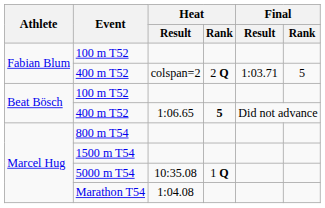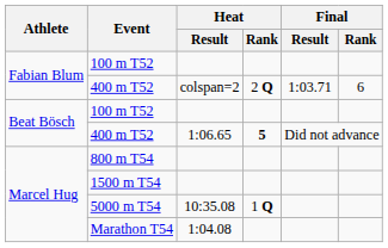 <table class="wikitable" style="font-size:90%">
 <tr>
 <th rowspan="2">Athlete</th>
 <th rowspan="2">Event</th>
 <th colspan="2">Heat</th>
 <th colspan="2">Final</th>
 </tr>
 <tr style="font-size:95%">
 <th>Result</th>
 <th>Rank</th>
 <th>Result</th>
 <th>Rank</th>
 </tr>
 <tr align=center>
 <td align=left rowspan=2><a href='#'>Fabian Blum</a></td>
 <td align=left><a href='#'>100 m T52</a></td>
 <td></td>
 <td></td>
 <td></td>
 <td></td>
 </tr>
 <tr align=center>
 <td align=left><a href='#'>400 m T52</a></td>
 <td>colspan=2 </td>
 <td>2 <strong>Q</strong></td>
 <td>1:03.71</td>
-<td>5</td>
+<td>6</td>
 </tr>
 <tr align=center>
 <td align=left rowspan=2><a href='#'>Beat Bösch</a></td>
 <td align=left><a href='#'>100 m T52</a></td>
 <td></td>
 <td></td>
 <td></td>
 <td></td>
 </tr>
 <tr align=center>
 <td align=left><a href='#'>400 m T52</a></td>
 <td>1:06.65</td>
 <td><strong>5</strong></td>
 <td colspan=2>Did not advance</td>
 </tr>
 <tr align=center>
 <td align=left rowspan=4><a href='#'>Marcel Hug</a></td>
 <td align=left><a href='#'>800 m T54</a></td>
 <td></td>
 <td></td>
 <td></td>
 <td></td>
 </tr>
 <tr align=center>
 <td align=left><a href='#'>1500 m T54</a></td>
 <td></td>
 <td></td>
 <td></td>
 <td></td>
 </tr>
 <tr align=center>
 <td align=left><a href='#'>5000 m T54</a></td>
 <td>10:35.08</td>
 <td>1 <strong>Q</strong></td>
 <td></td>
 <td></td>
 </tr>
 <tr align=center>
 <td align=left><a href='#'>Marathon T54</a></td>
 <td>1:04.08</td>
 <td></td>
 <td></td>
 </tr>
 </table>
